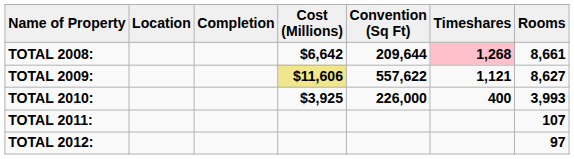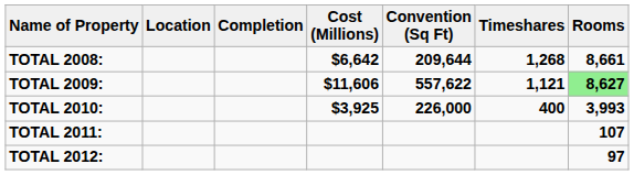 <table class="wikitable" style="margin: 1em auto 1em auto">
 <tr>
 <th align="center" style="background:#f0f0f0;"><strong>Name of Property</strong></th>
 <th align="center" style="background:#f0f0f0;"><strong>Location</strong></th>
 <th align="center" style="background:#f0f0f0;"><strong>Completion</strong></th>
 <th align="center" style="background:#f0f0f0;"><strong>Cost  <br> (Millions)</strong></th>
 <th align="center" style="background:#f0f0f0;"><strong>Convention <br> (Sq Ft)</strong></th>
 <th align="center" style="background:#f0f0f0;"><strong>Timeshares</strong></th>
 <th align="center" style="background:#f0f0f0;"><strong>Rooms</strong></th>
 </tr>
 <tr>
 <td><strong>TOTAL 2008:</strong></td>
 <td></td>
 <td></td>
 <td align="right"><strong>$6,642</strong></td>
 <td align="right"><strong>209,644</strong></td>
-<td align="right" style="background: pink;"><strong>1,268</strong></td>
+<td align="right"><strong>1,268</strong></td>
 <td align="right"><strong>8,661</strong></td>
 </tr>
 <tr>
 <td><strong>TOTAL 2009:</strong></td>
 <td></td>
 <td></td>
-<td align="right" style="background: khaki;"><strong>$11,606</strong></td>
+<td align="right"><strong>$11,606</strong></td>
 <td align="right"><strong>557,622</strong></td>
 <td align="right"><strong>1,121</strong></td>
-<td align="right"><strong>8,627</strong></td>
+<td align="right" style="background: lightgreen;"><strong>8,627</strong></td>
 </tr>
 <tr>
 <td><strong>TOTAL 2010:</strong></td>
 <td></td>
 <td></td>
 <td align="right"><strong>$3,925</strong></td>
 <td align="right"><strong>226,000</strong></td>
 <td align="right"><strong>400</strong></td>
 <td align="right"><strong>3,993</strong></td>
 </tr>
 <tr>
 <td><strong>TOTAL 2011:</strong></td>
 <td></td>
 <td></td>
 <td></td>
 <td></td>
 <td></td>
 <td align="right"><strong>107</strong></td>
 </tr>
 <tr>
 <td><strong>TOTAL 2012:</strong></td>
 <td></td>
 <td></td>
 <td></td>
 <td></td>
 <td></td>
 <td align="right"><strong>97</strong></td>
 </tr>
 </table>
